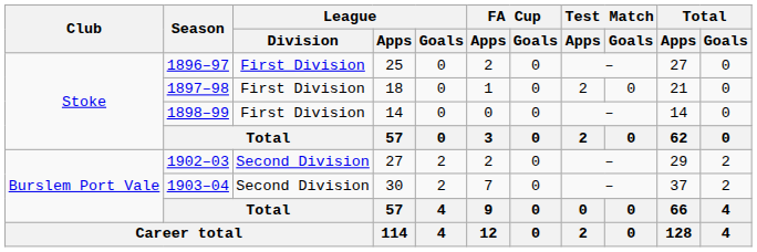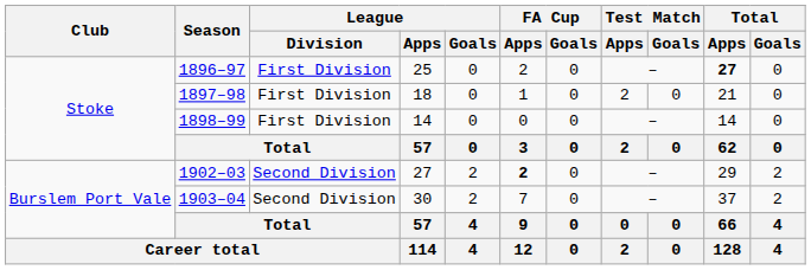 <table class="wikitable" style="text-align: center;">
 <tr>
 <th rowspan="2">Club</th>
 <th rowspan="2">Season</th>
 <th colspan="3">League</th>
 <th colspan="2">FA Cup</th>
 <th colspan="2">Test Match</th>
 <th colspan="2">Total</th>
 </tr>
 <tr>
 <th>Division</th>
 <th>Apps</th>
 <th>Goals</th>
 <th>Apps</th>
 <th>Goals</th>
 <th>Apps</th>
 <th>Goals</th>
 <th>Apps</th>
 <th>Goals</th>
 </tr>
 <tr>
 <td rowspan="4"><a href='#'>Stoke</a></td>
 <td><a href='#'>1896–97</a></td>
 <td><a href='#'>First Division</a></td>
 <td>25</td>
 <td>0</td>
 <td>2</td>
 <td>0</td>
 <td colspan="2">–</td>
-<td>27</td>
+<td><strong>27</strong></td>
 <td>0</td>
 </tr>
 <tr>
 <td><a href='#'>1897–98</a></td>
 <td>First Division</td>
 <td>18</td>
 <td>0</td>
 <td>1</td>
 <td>0</td>
 <td>2</td>
 <td>0</td>
 <td>21</td>
 <td>0</td>
 </tr>
 <tr>
 <td><a href='#'>1898–99</a></td>
 <td>First Division</td>
 <td>14</td>
 <td>0</td>
 <td>0</td>
 <td>0</td>
 <td colspan="2">–</td>
 <td>14</td>
 <td>0</td>
 </tr>
 <tr>
 <th colspan="2">Total</th>
 <th>57</th>
 <th>0</th>
 <th>3</th>
 <th>0</th>
 <th>2</th>
 <th>0</th>
 <th>62</th>
 <th>0</th>
 </tr>
 <tr>
 <td rowspan="3"><a href='#'>Burslem Port Vale</a></td>
 <td><a href='#'>1902–03</a></td>
 <td><a href='#'>Second Division</a></td>
 <td>27</td>
 <td>2</td>
-<td>2</td>
+<td><strong>2</strong></td>
 <td>0</td>
 <td colspan="2">–</td>
 <td>29</td>
 <td>2</td>
 </tr>
 <tr>
 <td><a href='#'>1903–04</a></td>
 <td>Second Division</td>
 <td>30</td>
 <td>2</td>
 <td>7</td>
 <td>0</td>
 <td colspan="2">–</td>
 <td>37</td>
 <td>2</td>
 </tr>
 <tr>
 <th colspan="2">Total</th>
 <th>57</th>
 <th>4</th>
 <th>9</th>
 <th>0</th>
 <th>0</th>
 <th>0</th>
 <th>66</th>
 <th>4</th>
 </tr>
 <tr>
 <th colspan="3">Career total</th>
 <th>114</th>
 <th>4</th>
 <th>12</th>
 <th>0</th>
 <th>2</th>
 <th>0</th>
 <th>128</th>
 <th>4</th>
 </tr>
 </table>
